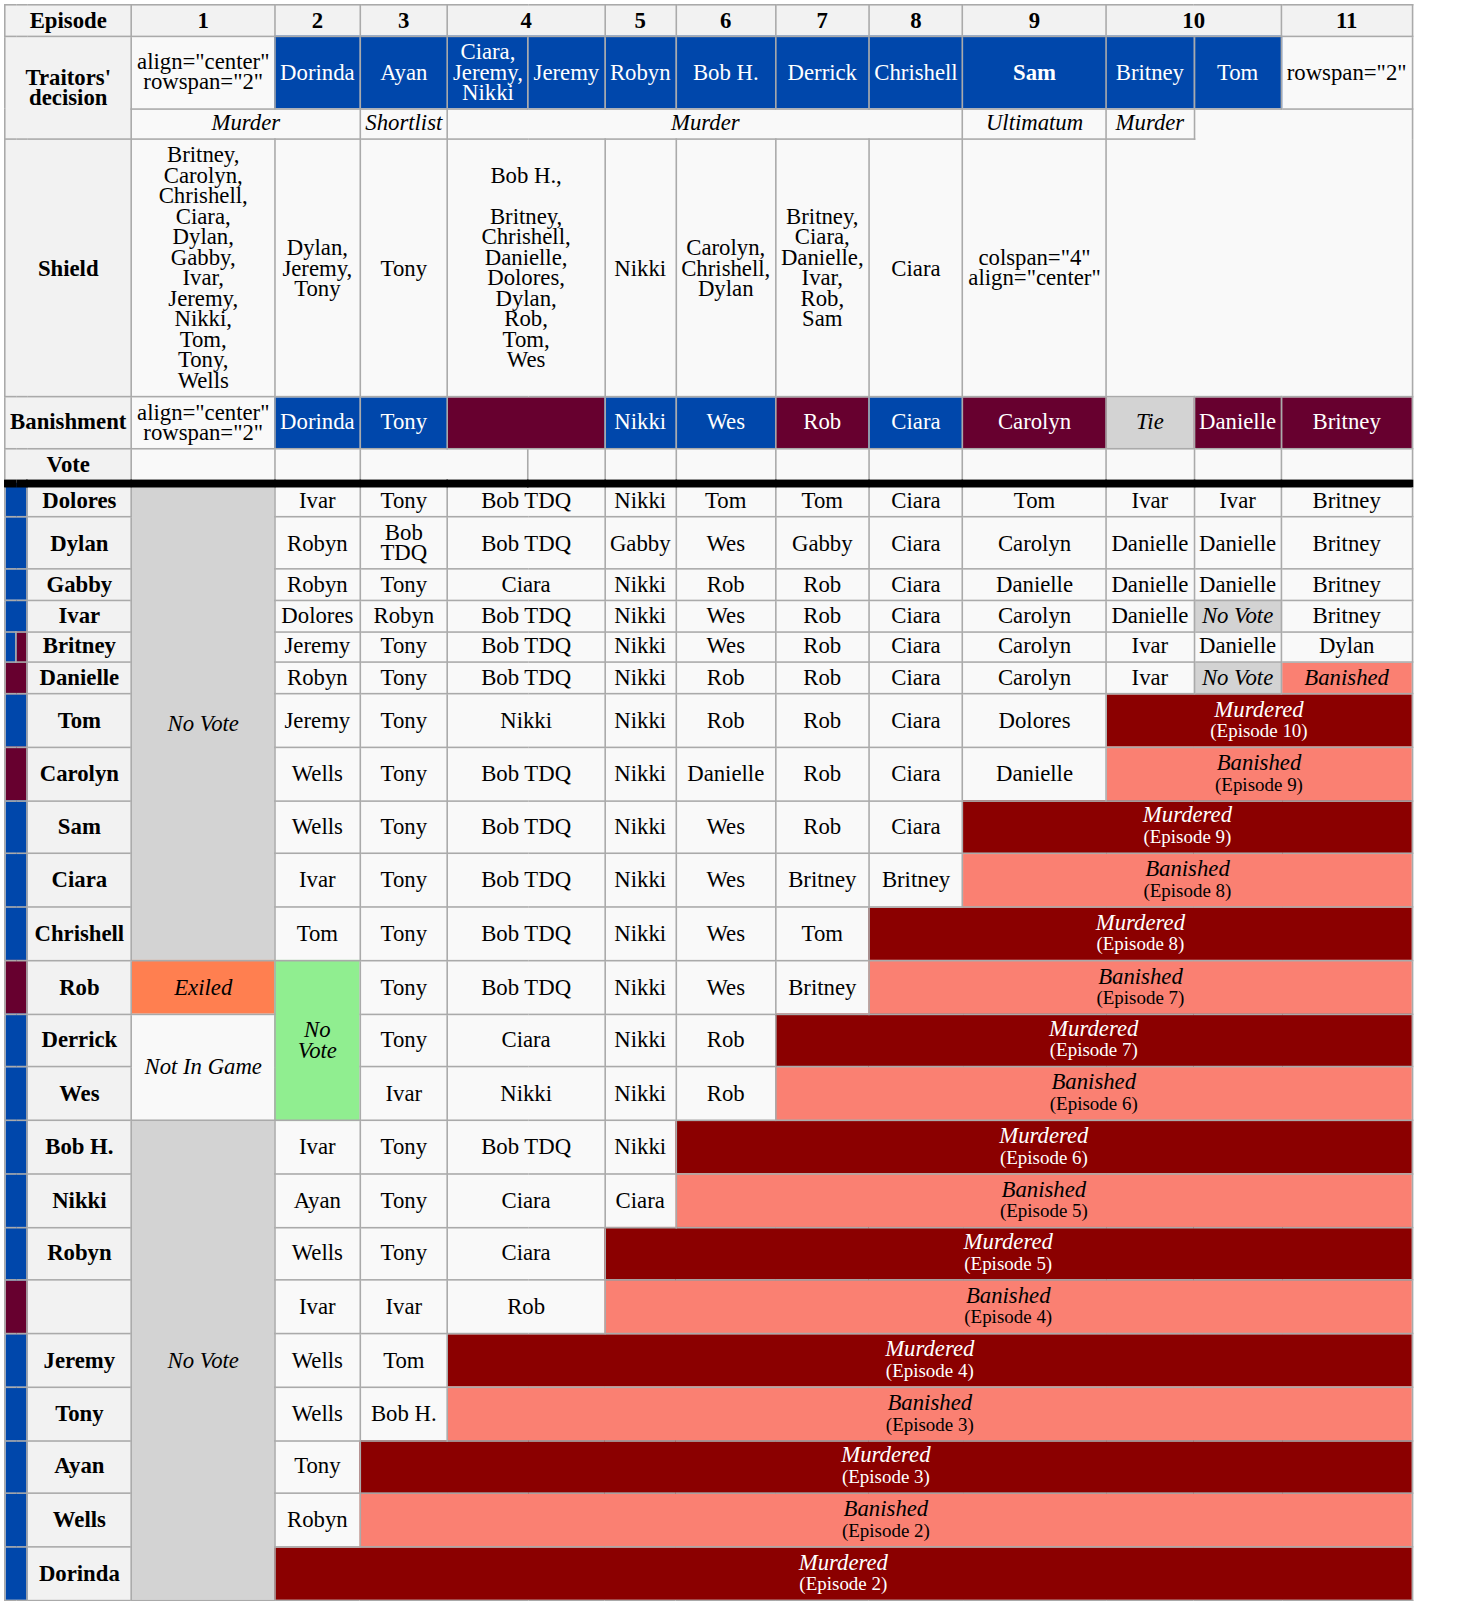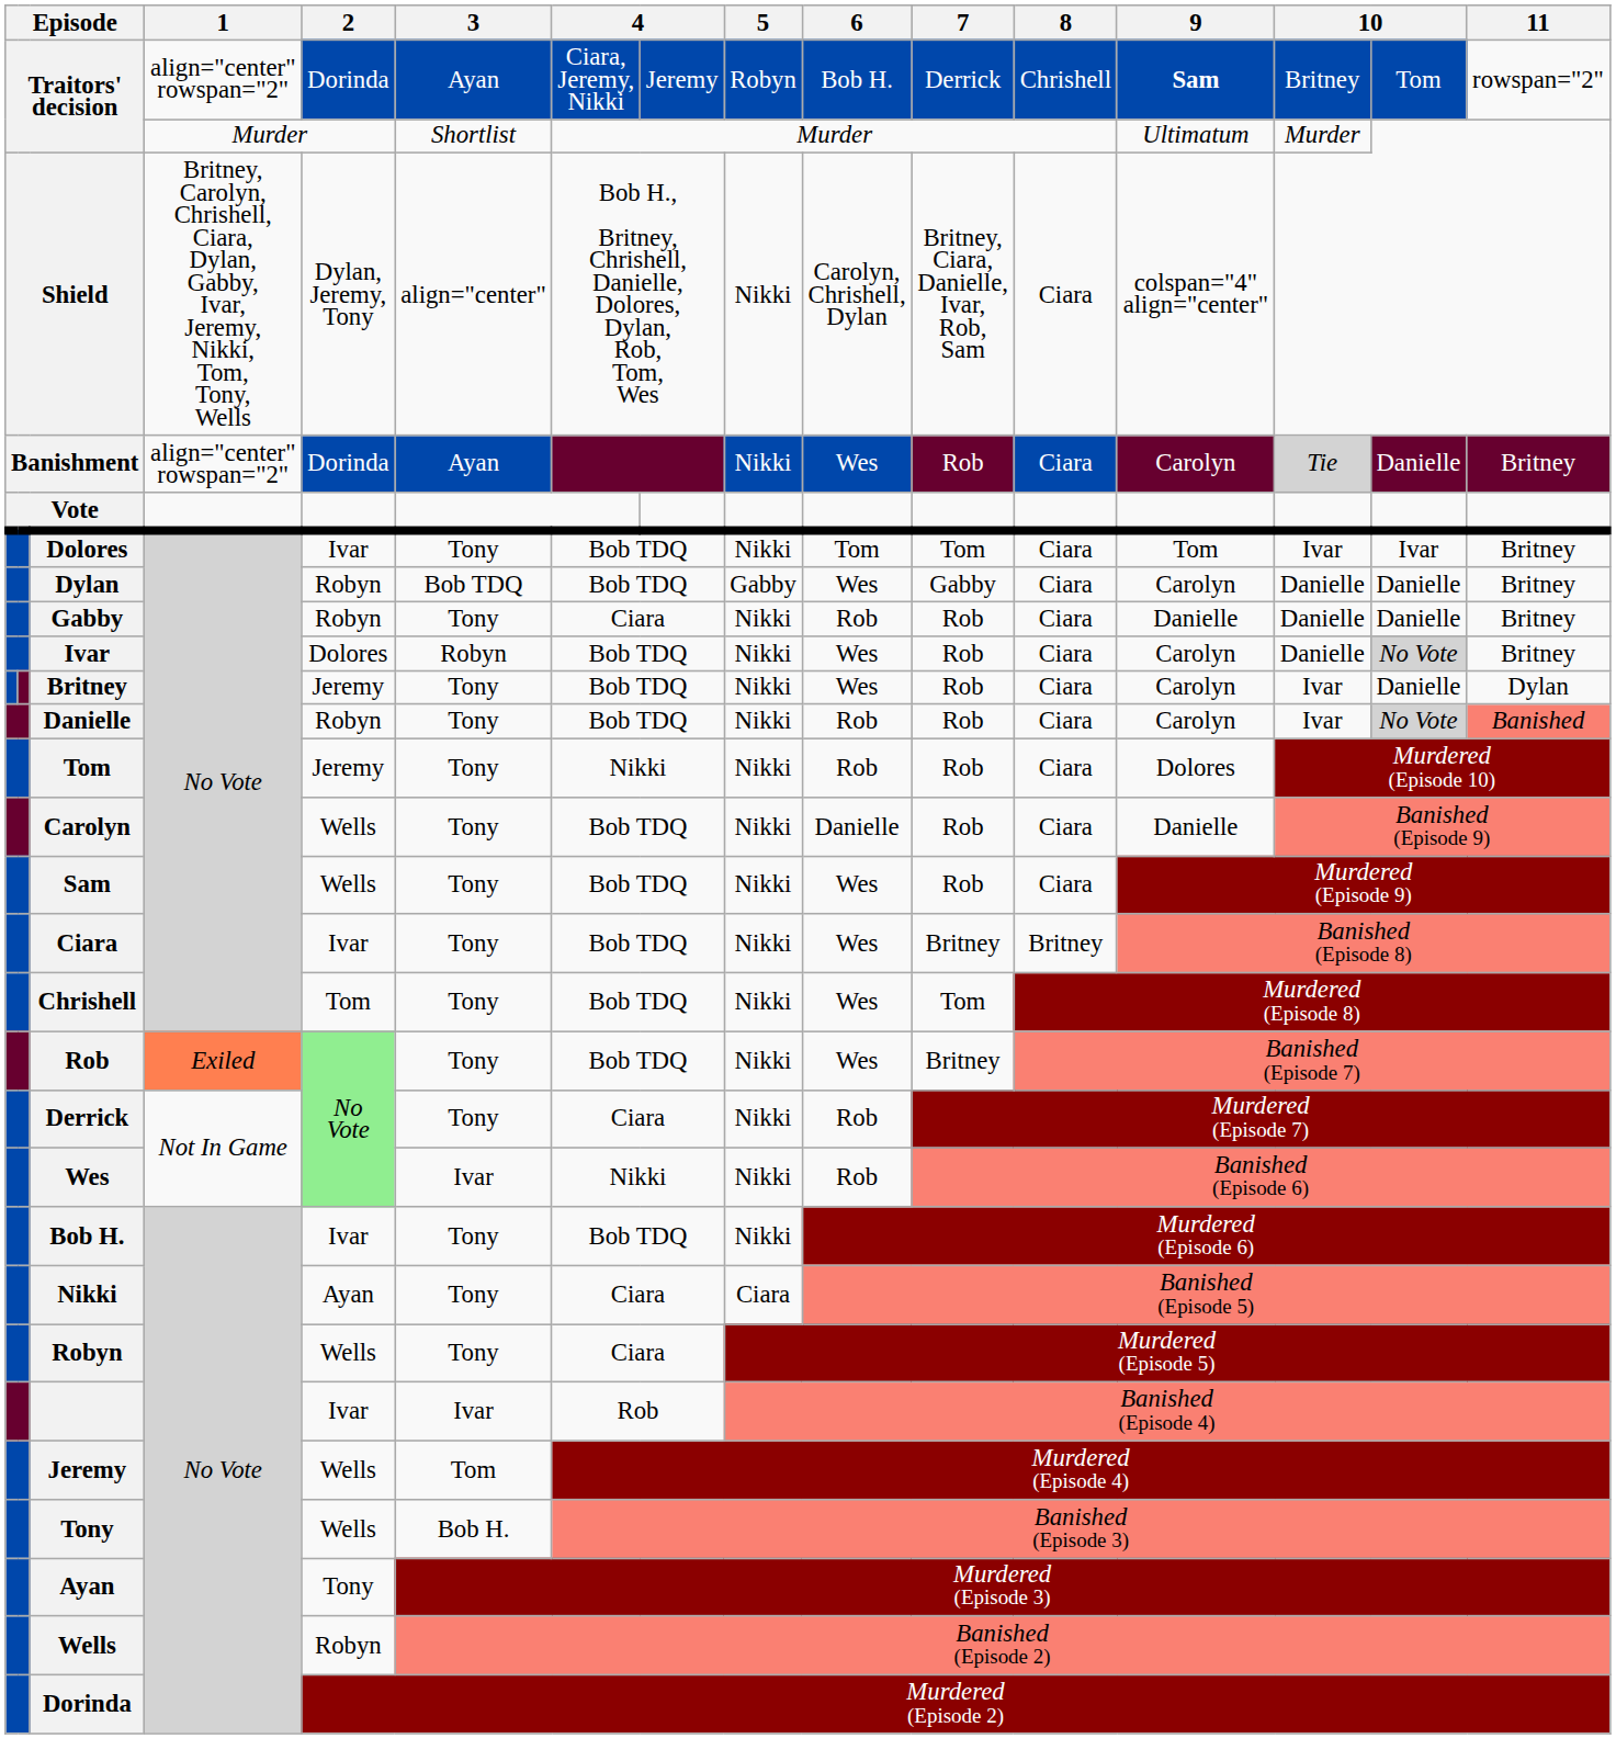 <table class="wikitable" style="text-align:center; width:70%; font-size:90%; line-height:13px">
 <tr>
 <th colspan="3" width="10%">Episode</th>
 <th width="10%">1</th>
 <th width="10%">2</th>
 <th width="10%">3</th>
 <th colspan="2">4</th>
 <th width="10%">5</th>
 <th width="10%">6</th>
 <th width="10%">7</th>
 <th width="10%">8</th>
 <th width="10%">9</th>
 <th colspan="2">10</th>
 <th width="10%">11</th>
 </tr>
 <tr>
 <th colspan="3" rowspan="2">Traitors'<br>decision</th>
 <td>align="center" rowspan="2" </td>
 <td bgcolor="#0047AB" align="center" span style="color:#FFFFFF;">Dorinda</td>
 <td bgcolor="#0047AB" align="center" span style="color:#FFFFFF;">Ayan</td>
 <td bgcolor="#0047AB" align="center" span style="color:#FFFFFF;">Ciara,<br>Jeremy,<br>Nikki</td>
 <td bgcolor="#0047AB" align="center" span style="color:#FFFFFF;">Jeremy</td>
 <td bgcolor="#0047AB" align="center" span style="color:#FFFFFF;">Robyn</td>
 <td bgcolor="#0047AB" align="center" span style="color:#FFFFFF;">Bob H.</td>
 <td bgcolor="#0047AB" align="center" span style="color:#FFFFFF;">Derrick</td>
 <td bgcolor="#0047AB" align="center" span style="color:#FFFFFF;">Chrishell</td>
 <td bgcolor="#0047AB" align="center" span style="color:#FFFFFF;"><strong>Sam</strong></td>
 <td bgcolor="#0047AB" align="center" span style="color:#FFFFFF;">Britney</td>
 <td bgcolor="#0047AB" align="center" span style="color:#FFFFFF;">Tom</td>
 <td>rowspan="2" </td>
 </tr>
 <tr>
 <td align="center" colspan="2"><em>Murder</em></td>
 <td><em>Shortlist</em></td>
 <td align="center" colspan="6"><em>Murder</em></td>
 <td><em>Ultimatum</em></td>
 <td><em>Murder</em></td>
 </tr>
 <tr>
 <th colspan="3">Shield</th>
 <td>Britney,<br>Carolyn,<br>Chrishell,<br>Ciara,<br>Dylan,<br>Gabby,<br>Ivar,<br>Jeremy,<br>Nikki,<br>Tom,<br>Tony,<br>Wells</td>
 <td>Dylan,<br>Jeremy,<br>Tony</td>
-<td>Tony</td>
+<td>align="center" </td>
 <td colspan="2">Bob H.,<br><br>Britney,<br>Chrishell,<br>Danielle,<br>Dolores,<br>Dylan,<br>Rob,<br>Tom,<br>Wes</td>
 <td>Nikki</td>
 <td>Carolyn,<br>Chrishell,<br>Dylan</td>
 <td>Britney,<br>Ciara,<br>Danielle,<br>Ivar,<br>Rob,<br>Sam</td>
 <td>Ciara</td>
 <td>colspan="4" align="center" </td>
 </tr>
 <tr>
 <th colspan="3">Banishment</th>
 <td>align="center" rowspan="2" </td>
 <td bgcolor="#0047AB" align="center" span style="color:#FFFFFF;">Dorinda</td>
-<td bgcolor="#0047AB" align="center" span style="color:#FFFFFF;">Tony</td>
+<td bgcolor="#0047AB" align="center" span style="color:#FFFFFF;">Ayan</td>
 <td colspan="2" bgcolor="#67002F" style="color:#FFFFFF"></td>
 <td bgcolor="#0047AB" align="center" span style="color:#FFFFFF;">Nikki</td>
 <td bgcolor="#0047AB" align="center" span style="color:#FFFFFF;">Wes</td>
 <td bgcolor="#67002F" align="center" span  style="color:#FFFFFF">Rob</td>
 <td bgcolor="#0047AB" align="center" span style="color:#FFFFFF;">Ciara</td>
 <td bgcolor="#67002F" align="center" span  style="color:#FFFFFF">Carolyn</td>
 <td bgcolor="lightgrey" align="center"><em>Tie</em></td>
 <td bgcolor="#67002F" align="center" span  style="color:#FFFFFF">Danielle</td>
 <td bgcolor="#67002F" align="center" span  style="color:#FFFFFF">Britney</td>
 </tr>
 <tr>
 <th colspan="3">Vote</th>
 <td></td>
 <td></td>
 <td colspan="2"></td>
 <td></td>
 <td></td>
 <td></td>
 <td></td>
 <td></td>
 <td></td>
 <td></td>
 <td></td>
 </tr>
 <tr style="border-top:5px solid">
 <td colspan=2 bgcolor="0047AB"></td>
 <th>Dolores</th>
 <td rowspan="11" bgcolor="lightgrey" align="center"><em>No Vote</em></td>
 <td>Ivar</td>
 <td>Tony</td>
 <td colspan="2">Bob TDQ</td>
 <td>Nikki</td>
 <td>Tom</td>
 <td>Tom</td>
 <td>Ciara</td>
 <td>Tom</td>
 <td>Ivar</td>
 <td>Ivar</td>
 <td>Britney</td>
 </tr>
 <tr>
 <td colspan=2 bgcolor="0047AB"></td>
 <th>Dylan</th>
 <td>Robyn</td>
 <td>Bob TDQ</td>
 <td colspan="2">Bob TDQ</td>
 <td>Gabby</td>
 <td>Wes</td>
 <td>Gabby</td>
 <td>Ciara</td>
 <td>Carolyn</td>
 <td>Danielle</td>
 <td>Danielle</td>
 <td>Britney</td>
 </tr>
 <tr>
 <td colspan=2 bgcolor="0047AB"></td>
 <th>Gabby</th>
 <td>Robyn</td>
 <td>Tony</td>
 <td colspan="2">Ciara</td>
 <td>Nikki</td>
 <td>Rob</td>
 <td>Rob</td>
 <td>Ciara</td>
 <td>Danielle</td>
 <td>Danielle</td>
 <td>Danielle</td>
 <td>Britney</td>
 </tr>
 <tr>
 <td colspan=2 bgcolor="0047AB"></td>
 <th>Ivar</th>
 <td>Dolores</td>
 <td>Robyn</td>
 <td colspan="2">Bob TDQ</td>
 <td>Nikki</td>
 <td>Wes</td>
 <td>Rob</td>
 <td>Ciara</td>
 <td>Carolyn</td>
 <td>Danielle</td>
 <td bgcolor="lightgrey" align="center"><em>No Vote</em></td>
 <td>Britney</td>
 </tr>
 <tr>
 <td bgcolor="0047AB"></td>
 <td bgcolor="67002F"></td>
 <th>Britney</th>
 <td>Jeremy</td>
 <td>Tony</td>
 <td colspan="2">Bob TDQ</td>
 <td>Nikki</td>
 <td>Wes</td>
 <td>Rob</td>
 <td>Ciara</td>
 <td>Carolyn</td>
 <td>Ivar</td>
 <td>Danielle</td>
 <td>Dylan</td>
 </tr>
 <tr>
 <td colspan=2 bgcolor="67002F"></td>
 <th>Danielle</th>
 <td>Robyn</td>
 <td>Tony</td>
 <td colspan="2">Bob TDQ</td>
 <td>Nikki</td>
 <td>Rob</td>
 <td>Rob</td>
 <td>Ciara</td>
 <td>Carolyn</td>
 <td>Ivar</td>
 <td bgcolor="lightgrey" align="center"><em>No Vote</em></td>
 <td colspan="6" align="center" style="background:salmon"><em>Banished</em><br><small></small></td>
 </tr>
 <tr>
 <td colspan=2 bgcolor="0047AB"></td>
 <th>Tom</th>
 <td>Jeremy</td>
 <td>Tony</td>
 <td colspan="2">Nikki</td>
 <td>Nikki</td>
 <td>Rob</td>
 <td>Rob</td>
 <td>Ciara</td>
 <td>Dolores</td>
 <td colspan="7" align="center" style="background:darkred; color:white;"><em>Murdered</em><br><small>(Episode 10)</small></td>
 </tr>
 <tr>
 <td colspan=2 bgcolor="67002F"></td>
 <th>Carolyn</th>
 <td>Wells</td>
 <td>Tony</td>
 <td colspan="2">Bob TDQ</td>
 <td>Nikki</td>
 <td>Danielle</td>
 <td>Rob</td>
 <td>Ciara</td>
 <td>Danielle</td>
 <td colspan="8" align="center" style="background:salmon"><em>Banished</em><br><small>(Episode 9)</small></td>
 </tr>
 <tr>
 <td colspan=2 bgcolor="0047AB"></td>
 <th>Sam</th>
 <td>Wells</td>
 <td>Tony</td>
 <td colspan="2">Bob TDQ</td>
 <td>Nikki</td>
 <td>Wes</td>
 <td>Rob</td>
 <td>Ciara</td>
 <td colspan="8" align="center" style="background:darkred; color:white;"><em>Murdered</em><br><small>(Episode 9)</small></td>
 </tr>
 <tr>
 <td colspan=2 bgcolor="0047AB"></td>
 <th>Ciara</th>
 <td>Ivar</td>
 <td>Tony</td>
 <td colspan="2">Bob TDQ</td>
 <td>Nikki</td>
 <td>Wes</td>
 <td>Britney</td>
 <td>Britney</td>
 <td colspan="8" align="center" style="background:salmon"><em>Banished</em><br><small>(Episode 8)</small></td>
 </tr>
 <tr>
 <td colspan=2 bgcolor="0047AB"></td>
 <th>Chrishell</th>
 <td>Tom</td>
 <td>Tony</td>
 <td colspan="2">Bob TDQ</td>
 <td>Nikki</td>
 <td>Wes</td>
 <td>Tom</td>
 <td colspan="9" align="center" style="background:darkred; color:white;"><em>Murdered</em><br><small>(Episode 8)</small></td>
 </tr>
 <tr>
 <td colspan=2 bgcolor="67002F"></td>
 <th>Rob</th>
 <td bgcolor="coral"><em>Exiled</em></td>
 <td rowspan="3" bgcolor="lightgreen" align="center"><em>No<br>Vote</em></td>
 <td>Tony</td>
 <td colspan="2">Bob TDQ</td>
 <td>Nikki</td>
 <td>Wes</td>
 <td>Britney</td>
 <td colspan="9" align="center" style="background:salmon"><em>Banished</em><br><small>(Episode 7)</small></td>
 </tr>
 <tr>
 <td colspan=2 bgcolor="0047AB"></td>
 <th>Derrick</th>
 <td rowspan="2"><em>Not In Game</em></td>
 <td>Tony</td>
 <td colspan="2">Ciara</td>
 <td>Nikki</td>
 <td>Rob</td>
 <td colspan="10" align="center" style="background:darkred; color:white;"><em>Murdered</em><br><small>(Episode 7)</small></td>
 </tr>
 <tr>
 <td colspan=2 bgcolor="0047AB"></td>
 <th>Wes</th>
 <td>Ivar</td>
 <td colspan="2">Nikki</td>
 <td>Nikki</td>
 <td>Rob</td>
 <td colspan="10" align="center" style="background:salmon"><em>Banished</em><br><small>(Episode 6)</small></td>
 </tr>
 <tr>
 <td colspan=2 bgcolor="0047AB"></td>
 <th>Bob H.</th>
 <td rowspan="10" bgcolor="lightgrey" align="center"><em>No Vote</em></td>
 <td>Ivar</td>
 <td>Tony</td>
 <td colspan="2">Bob TDQ</td>
 <td>Nikki</td>
 <td colspan="11" align="center" style="background:darkred; color:white;"><em>Murdered</em><br><small>(Episode 6)</small></td>
 </tr>
 <tr>
 <td colspan=2 bgcolor="0047AB"></td>
 <th>Nikki</th>
 <td>Ayan</td>
 <td>Tony</td>
 <td colspan="2">Ciara</td>
 <td>Ciara</td>
 <td colspan="11" align="center" style="background:salmon"><em>Banished</em><br><small>(Episode 5)</small></td>
 </tr>
 <tr>
 <td colspan=2 bgcolor="0047AB"></td>
 <th>Robyn</th>
 <td>Wells</td>
 <td>Tony</td>
 <td colspan="2">Ciara</td>
 <td colspan="12" align="center" style="background:darkred; color:white;"><em>Murdered</em><br><small>(Episode 5)</small></td>
 </tr>
 <tr>
 <td colspan=2 bgcolor="67002F"></td>
 <th></th>
 <td>Ivar</td>
 <td>Ivar</td>
 <td colspan="2">Rob</td>
 <td colspan="12" align="center" style="background:salmon"><em>Banished</em><br><small>(Episode 4)</small></td>
 </tr>
 <tr>
 <td colspan=2 bgcolor="0047AB"></td>
 <th>Jeremy</th>
 <td>Wells</td>
 <td>Tom</td>
 <td colspan="13" align="center" style="background:darkred; color:white;"><em>Murdered</em><br><small>(Episode 4)</small></td>
 </tr>
 <tr>
 <td colspan=2 bgcolor="0047AB"></td>
 <th>Tony</th>
 <td>Wells</td>
 <td>Bob H.</td>
 <td colspan="13" align="center" style="background:salmon"><em>Banished</em><br><small>(Episode 3)</small></td>
 </tr>
 <tr>
 <td colspan=2 bgcolor="0047AB"></td>
 <th>Ayan</th>
 <td>Tony</td>
 <td colspan="13" align="center" style="background:darkred; color:white;"><em>Murdered</em><br><small>(Episode 3)</small></td>
 </tr>
 <tr>
 <td colspan=2 bgcolor="0047AB"></td>
 <th>Wells</th>
 <td>Robyn</td>
 <td colspan="14" align="center" style="background:salmon"><em>Banished</em><br><small>(Episode 2)</small></td>
 </tr>
 <tr>
 <td colspan=2 bgcolor="0047AB"></td>
 <th>Dorinda</th>
 <td colspan="14" align="center" style="background:darkred; color:white;"><em>Murdered</em><br><small>(Episode 2)</small></td>
 </tr>
 </table>
